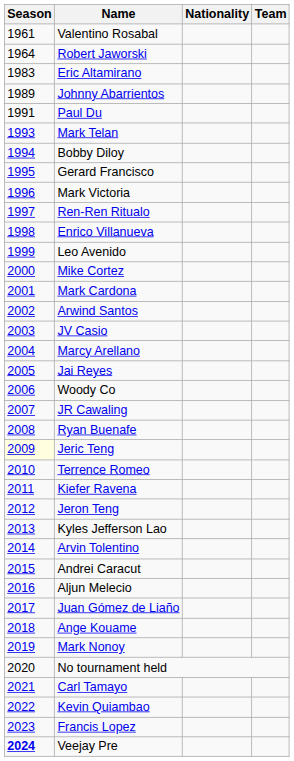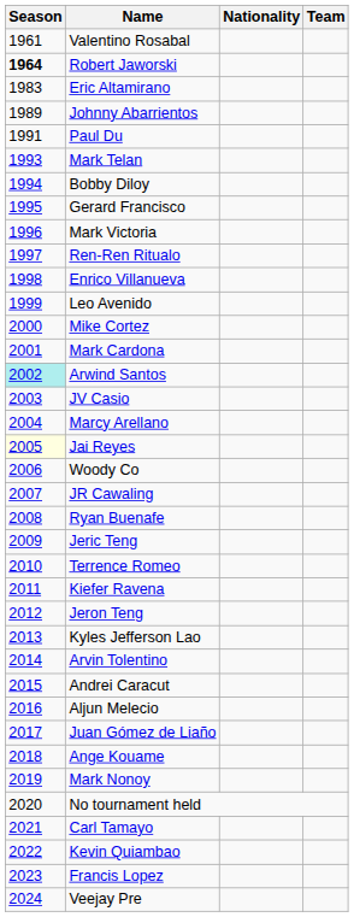 <table class="wikitable">
 <tr>
 <th>Season</th>
 <th>Name</th>
 <th>Nationality</th>
 <th>Team</th>
 </tr>
 <tr>
 <td>1961</td>
 <td>Valentino Rosabal</td>
 <td></td>
 <td></td>
 </tr>
 <tr>
-<td>1964</td>
+<td><strong>1964</strong></td>
 <td><a href='#'>Robert Jaworski</a></td>
 <td></td>
 <td></td>
 </tr>
 <tr>
 <td>1983</td>
 <td><a href='#'>Eric Altamirano</a></td>
 <td></td>
 <td></td>
 </tr>
 <tr>
 <td>1989</td>
 <td><a href='#'>Johnny Abarrientos</a></td>
 <td></td>
 <td></td>
 </tr>
 <tr>
 <td>1991</td>
 <td><a href='#'>Paul Du</a></td>
 <td></td>
 <td></td>
 </tr>
 <tr>
 <td><a href='#'>1993</a></td>
 <td><a href='#'>Mark Telan</a></td>
 <td></td>
 <td></td>
 </tr>
 <tr>
 <td><a href='#'>1994</a></td>
 <td>Bobby Diloy</td>
 <td></td>
 <td></td>
 </tr>
 <tr>
 <td><a href='#'>1995</a></td>
 <td>Gerard Francisco</td>
 <td></td>
 <td></td>
 </tr>
 <tr>
 <td><a href='#'>1996</a></td>
 <td>Mark Victoria</td>
 <td></td>
 <td></td>
 </tr>
 <tr>
 <td><a href='#'>1997</a></td>
 <td><a href='#'>Ren-Ren Ritualo</a></td>
 <td></td>
 <td></td>
 </tr>
 <tr>
 <td><a href='#'>1998</a></td>
 <td><a href='#'>Enrico Villanueva</a></td>
 <td></td>
 <td></td>
 </tr>
 <tr>
 <td><a href='#'>1999</a></td>
 <td>Leo Avenido</td>
 <td></td>
 <td></td>
 </tr>
 <tr>
 <td><a href='#'>2000</a></td>
 <td><a href='#'>Mike Cortez</a></td>
 <td></td>
 <td></td>
 </tr>
 <tr>
 <td><a href='#'>2001</a></td>
 <td><a href='#'>Mark Cardona</a></td>
 <td></td>
 <td></td>
 </tr>
 <tr>
-<td><a href='#'>2002</a></td>
+<td style="background: paleturquoise;"><a href='#'>2002</a></td>
 <td><a href='#'>Arwind Santos</a></td>
 <td></td>
 <td></td>
 </tr>
 <tr>
 <td><a href='#'>2003</a></td>
 <td><a href='#'>JV Casio</a></td>
 <td></td>
 <td></td>
 </tr>
 <tr>
 <td><a href='#'>2004</a></td>
 <td><a href='#'>Marcy Arellano</a></td>
 <td></td>
 <td></td>
 </tr>
 <tr>
-<td><a href='#'>2005</a></td>
+<td style="background: lightyellow;"><a href='#'>2005</a></td>
 <td><a href='#'>Jai Reyes</a></td>
 <td></td>
 <td></td>
 </tr>
 <tr>
 <td><a href='#'>2006</a></td>
 <td>Woody Co</td>
 <td></td>
 <td></td>
 </tr>
 <tr>
 <td><a href='#'>2007</a></td>
 <td><a href='#'>JR Cawaling</a></td>
 <td></td>
 <td></td>
 </tr>
 <tr>
 <td><a href='#'>2008</a></td>
 <td><a href='#'>Ryan Buenafe</a></td>
 <td></td>
 <td></td>
 </tr>
 <tr>
-<td style="background: lightyellow;"><a href='#'>2009</a></td>
+<td><a href='#'>2009</a></td>
 <td><a href='#'>Jeric Teng</a></td>
 <td></td>
 <td></td>
 </tr>
 <tr>
 <td><a href='#'>2010</a></td>
 <td><a href='#'>Terrence Romeo</a></td>
 <td></td>
 <td></td>
 </tr>
 <tr>
 <td><a href='#'>2011</a></td>
 <td><a href='#'>Kiefer Ravena</a></td>
 <td></td>
 <td></td>
 </tr>
 <tr>
 <td><a href='#'>2012</a></td>
 <td><a href='#'>Jeron Teng</a></td>
 <td></td>
 <td></td>
 </tr>
 <tr>
 <td><a href='#'>2013</a></td>
 <td>Kyles Jefferson Lao</td>
 <td></td>
 <td></td>
 </tr>
 <tr>
 <td><a href='#'>2014</a></td>
 <td><a href='#'>Arvin Tolentino</a></td>
 <td></td>
 <td></td>
 </tr>
 <tr>
 <td><a href='#'>2015</a></td>
 <td>Andrei Caracut</td>
 <td></td>
 <td></td>
 </tr>
 <tr>
 <td><a href='#'>2016</a></td>
 <td>Aljun Melecio</td>
 <td></td>
 <td></td>
 </tr>
 <tr>
 <td><a href='#'>2017</a></td>
 <td><a href='#'>Juan Gómez de Liaño</a></td>
 <td></td>
 <td></td>
 </tr>
 <tr>
 <td><a href='#'>2018</a></td>
 <td><a href='#'>Ange Kouame</a></td>
 <td></td>
 <td></td>
 </tr>
 <tr>
 <td><a href='#'>2019</a></td>
 <td><a href='#'>Mark Nonoy</a></td>
 <td></td>
 <td></td>
 </tr>
 <tr>
 <td>2020</td>
 <td colspan="3">No tournament held</td>
 </tr>
 <tr>
 <td><a href='#'>2021</a></td>
 <td><a href='#'>Carl Tamayo</a></td>
 <td></td>
 <td></td>
 </tr>
 <tr>
 <td><a href='#'>2022</a></td>
 <td><a href='#'>Kevin Quiambao</a></td>
 <td></td>
 <td></td>
 </tr>
 <tr>
 <td><a href='#'>2023</a></td>
 <td><a href='#'>Francis Lopez</a></td>
 <td></td>
 <td></td>
 </tr>
 <tr>
-<td><strong><a href='#'>2024</a></strong></td>
+<td><a href='#'>2024</a></td>
 <td>Veejay Pre</td>
 <td></td>
 <td></td>
 </tr>
 </table>
